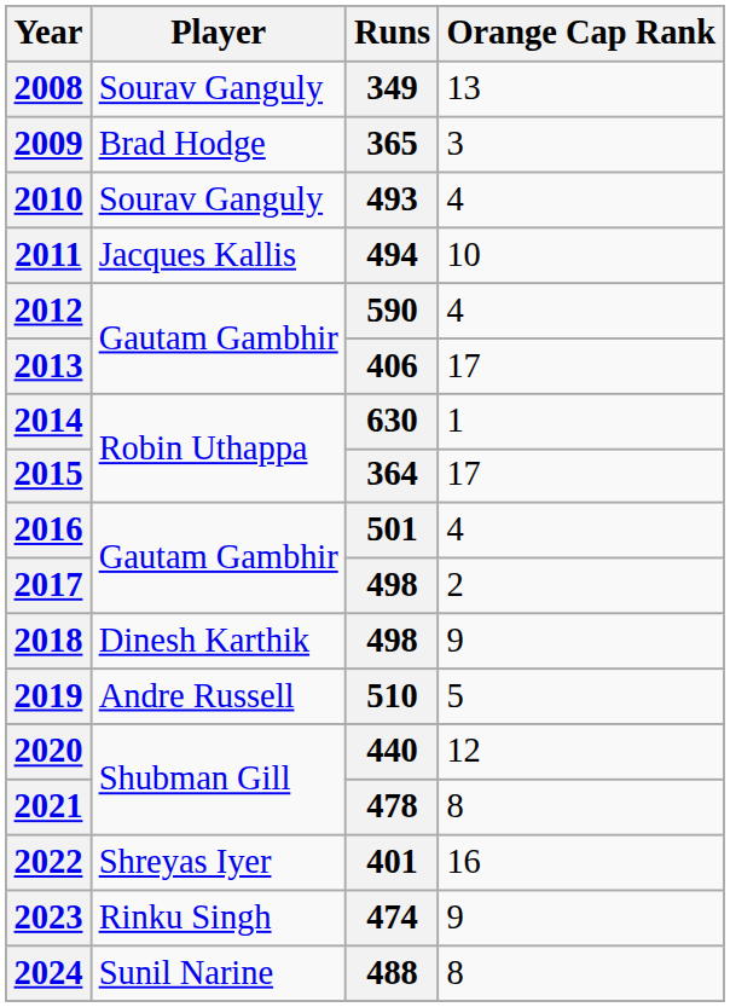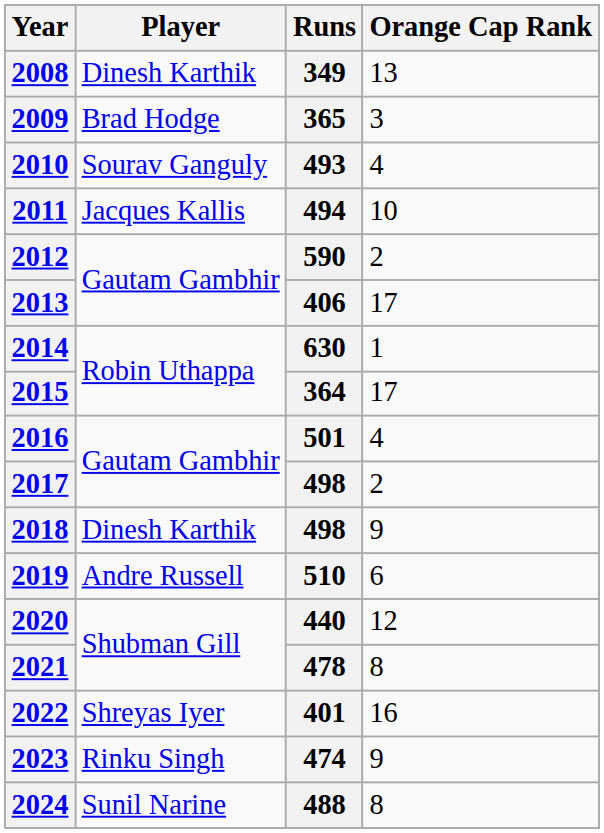 <table class="wikitable sortable" style="text-align:left;font-size:93%;">
 <tr>
 <th>Year</th>
 <th>Player</th>
 <th>Runs</th>
 <th>Orange Cap Rank</th>
 </tr>
 <tr>
 <th><a href='#'>2008</a></th>
-<td><a href='#'>Sourav Ganguly</a></td>
+<td><a href='#'>Dinesh Karthik</a></td>
 <th>349</th>
 <td>13</td>
 </tr>
 <tr>
 <th><a href='#'>2009</a></th>
 <td><a href='#'>Brad Hodge</a></td>
 <th>365</th>
 <td>3</td>
 </tr>
 <tr>
 <th><a href='#'>2010</a></th>
 <td><a href='#'>Sourav Ganguly</a></td>
 <th>493</th>
 <td>4</td>
 </tr>
 <tr>
 <th><a href='#'>2011</a></th>
 <td><a href='#'>Jacques Kallis</a></td>
 <th>494</th>
 <td>10</td>
 </tr>
 <tr>
 <th><a href='#'>2012</a></th>
 <td rowspan=2><a href='#'>Gautam Gambhir</a></td>
 <th>590</th>
-<td>4</td>
+<td>2</td>
 </tr>
 <tr>
 <th><a href='#'>2013</a></th>
 <th>406</th>
 <td>17</td>
 </tr>
 <tr>
 <th><a href='#'>2014</a></th>
 <td rowspan=2><a href='#'>Robin Uthappa</a></td>
 <th>630</th>
 <td>1</td>
 </tr>
 <tr>
 <th><a href='#'>2015</a></th>
 <th>364</th>
 <td>17</td>
 </tr>
 <tr>
 <th><a href='#'>2016</a></th>
 <td rowspan=2><a href='#'>Gautam Gambhir</a></td>
 <th>501</th>
 <td>4</td>
 </tr>
 <tr>
 <th><a href='#'>2017</a></th>
 <th>498</th>
 <td>2</td>
 </tr>
 <tr>
 <th><a href='#'>2018</a></th>
 <td><a href='#'>Dinesh Karthik</a></td>
 <th>498</th>
 <td>9</td>
 </tr>
 <tr>
 <th><a href='#'>2019</a></th>
 <td><a href='#'>Andre Russell</a></td>
 <th>510</th>
-<td>5</td>
+<td>6</td>
 </tr>
 <tr>
 <th><a href='#'>2020</a></th>
 <td rowspan=2><a href='#'>Shubman Gill</a></td>
 <th>440</th>
 <td>12</td>
 </tr>
 <tr>
 <th><a href='#'>2021</a></th>
 <th>478</th>
 <td>8</td>
 </tr>
 <tr>
 <th><a href='#'>2022</a></th>
 <td><a href='#'>Shreyas Iyer</a></td>
 <th>401</th>
 <td>16</td>
 </tr>
 <tr>
 <th><a href='#'>2023</a></th>
 <td><a href='#'>Rinku Singh</a></td>
 <th>474</th>
 <td>9</td>
 </tr>
 <tr>
 <th><a href='#'>2024</a></th>
 <td><a href='#'>Sunil Narine</a></td>
 <th>488</th>
 <td>8</td>
 </tr>
 <tr>
 </tr>
 </table>
